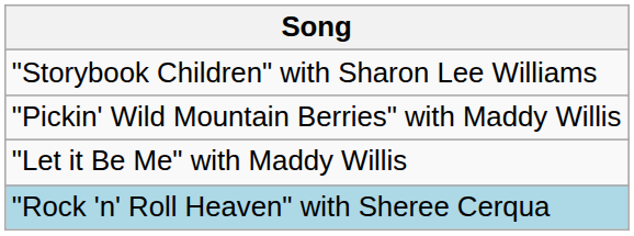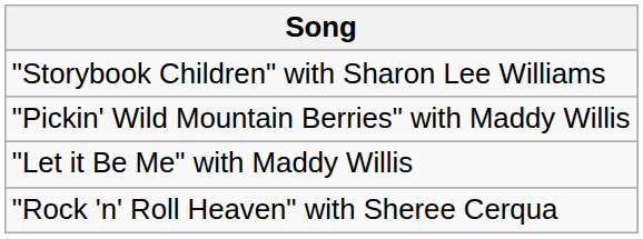 <table class="wikitable">
 <tr>
 <th>Song</th>
 </tr>
 <tr>
 <td>"Storybook Children" with Sharon Lee Williams</td>
 </tr>
 <tr>
 <td>"Pickin' Wild Mountain Berries" with Maddy Willis</td>
 </tr>
 <tr>
 <td>"Let it Be Me" with Maddy Willis</td>
 </tr>
 <tr>
-<td style="background: lightblue;">"Rock 'n' Roll Heaven" with Sheree Cerqua</td>
+<td>"Rock 'n' Roll Heaven" with Sheree Cerqua</td>
 </tr>
 </table>
